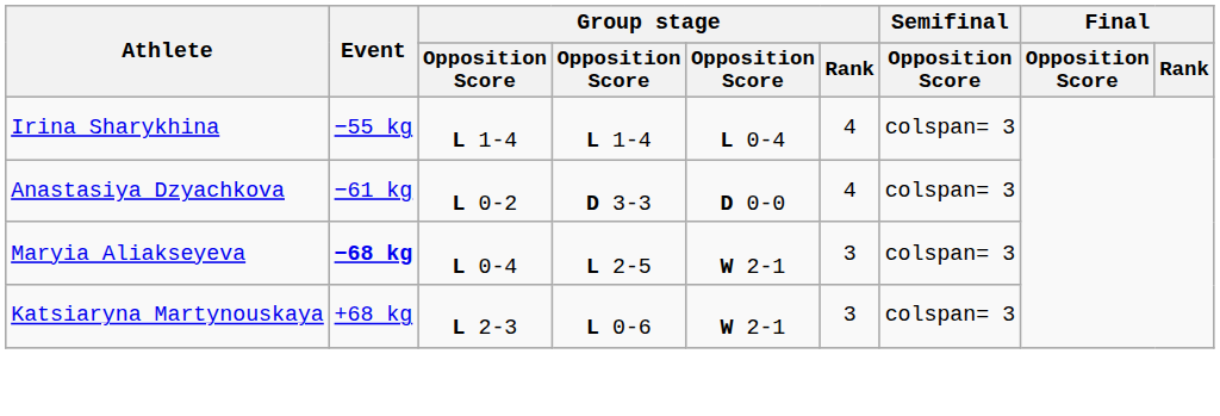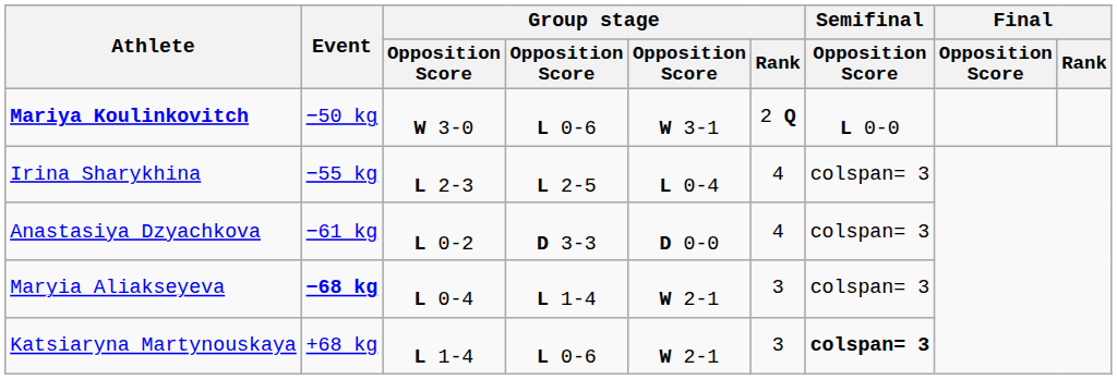 <table class="wikitable" style="text-align:center; font-size:90%">
 <tr>
 <th rowspan=2>Athlete</th>
 <th rowspan=2>Event</th>
 <th colspan=4>Group stage</th>
 <th>Semifinal</th>
 <th colspan=2>Final</th>
 </tr>
 <tr style="font-size:95%">
 <th>Opposition<br>Score</th>
 <th>Opposition<br>Score</th>
 <th>Opposition<br>Score</th>
 <th>Rank</th>
 <th>Opposition<br>Score</th>
 <th>Opposition<br>Score</th>
 <th>Rank</th>
 </tr>
 <tr>
+<td align=left><strong><a href='#'>Mariya Koulinkovitch</a></strong></td>
+<td align=left><a href='#'>−50 kg</a></td>
+<td><br><strong>W</strong> 3-0</td>
+<td><br><strong>L</strong> 0-6</td>
+<td><br><strong>W</strong> 3-1</td>
+<td>2 <strong>Q</strong></td>
+<td><br><strong>L</strong> 0-0</td>
+<td></td>
+<td></td>
+</tr>
+<tr>
 <td align=left><a href='#'>Irina Sharykhina</a></td>
 <td align=left><a href='#'>−55 kg</a></td>
-<td><br><strong>L</strong> 1-4</td>
-<td><br><strong>L</strong> 1-4</td>
+<td><br><strong>L</strong> 2-3</td>
+<td><br><strong>L</strong> 2-5</td>
 <td><br><strong>L</strong> 0-4</td>
 <td>4</td>
 <td>colspan= 3</td>
 </tr>
 <tr>
 <td align=left><a href='#'>Anastasiya Dzyachkova</a></td>
 <td align=left><a href='#'>−61 kg</a></td>
 <td><br><strong>L</strong> 0-2</td>
 <td><br><strong>D</strong> 3-3</td>
 <td><br><strong>D</strong> 0-0</td>
 <td>4</td>
 <td>colspan= 3</td>
 </tr>
 <tr>
 <td align=left><a href='#'>Maryia Aliakseyeva</a></td>
 <td align=left><strong><a href='#'>−68 kg</a></strong></td>
 <td><br><strong>L</strong> 0-4</td>
-<td><br><strong>L</strong> 2-5</td>
+<td><br><strong>L</strong> 1-4</td>
 <td><br><strong>W</strong> 2-1</td>
 <td>3</td>
 <td>colspan= 3</td>
 </tr>
 <tr>
 <td align=left><a href='#'>Katsiaryna Martynouskaya</a></td>
 <td align=left><a href='#'>+68 kg</a></td>
-<td><br><strong>L</strong> 2-3</td>
+<td><br><strong>L</strong> 1-4</td>
 <td><br><strong>L</strong> 0-6</td>
 <td><br><strong>W</strong> 2-1</td>
 <td>3</td>
-<td>colspan= 3</td>
+<td><strong>colspan= 3</strong></td>
 </tr>
 </table>
